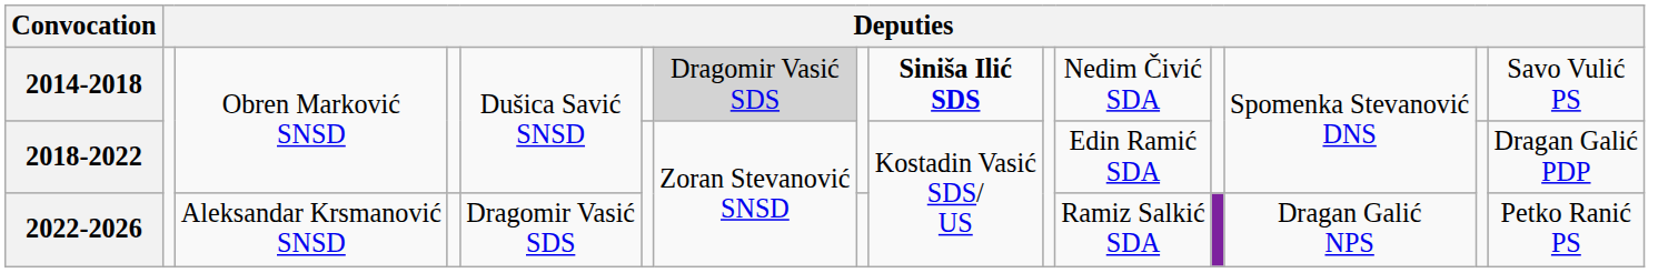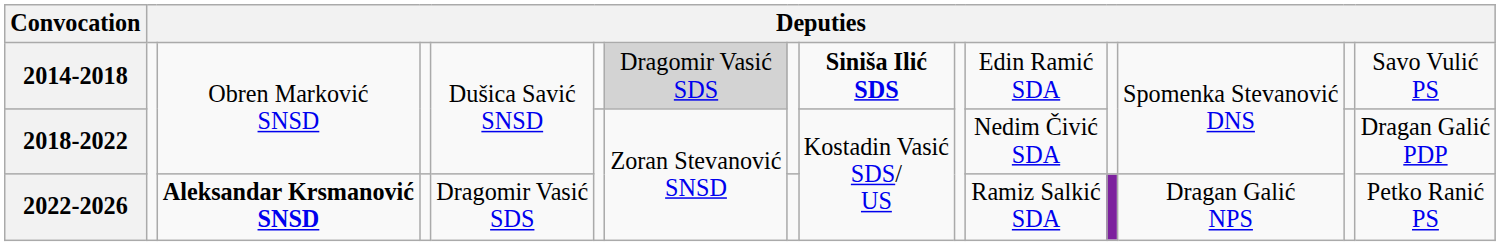 <table class="wikitable" style="text-align:center">
 <tr>
 <th>Convocation</th>
 <th colspan=14>Deputies</th>
 </tr>
 <tr>
 <th>2014-2018</th>
 <td rowspan=3; style="background-color: "></td>
 <td rowspan=2>Obren Marković<br><a href='#'>SNSD</a></td>
 <td rowspan=2; style="background-color: "></td>
 <td rowspan=2>Dušica Savić<br><a href='#'>SNSD</a></td>
 <td rowspan=1; style="background-color: "></td>
 <td style="background: lightgrey;">Dragomir Vasić<br><a href='#'>SDS</a></td>
 <td rowspan=2; style="background-color: "></td>
 <td><strong>Siniša Ilić<br><a href='#'>SDS</a></strong></td>
 <td rowspan=3; style="background-color: "></td>
-<td>Nedim Čivić<br><a href='#'>SDA</a></td>
+<td>Edin Ramić<br><a href='#'>SDA</a></td>
 <td rowspan=2; style="background-color: "></td>
 <td rowspan=2>Spomenka Stevanović<br><a href='#'>DNS</a></td>
 <td rowspan=1; style="background-color: "></td>
 <td>Savo Vulić<br><a href='#'>PS</a></td>
 </tr>
 <tr>
 <th>2018-2022</th>
 <td rowspan=2; style="background-color: "></td>
 <td rowspan=2>Zoran Stevanović<br><a href='#'>SNSD</a></td>
 <td rowspan=2>Kostadin Vasić<br><a href='#'>SDS</a>/<br><a href='#'>US</a></td>
-<td>Edin Ramić<br><a href='#'>SDA</a></td>
+<td>Nedim Čivić<br><a href='#'>SDA</a></td>
 <td rowspan=2; style="background-color: "></td>
 <td>Dragan Galić<br><a href='#'>PDP</a></td>
 </tr>
 <tr>
 <th>2022-2026</th>
-<td rowspan=1>Aleksandar Krsmanović<br><a href='#'>SNSD</a></td>
+<td rowspan=1><strong>Aleksandar Krsmanović<br><a href='#'>SNSD</a></strong></td>
 <td rowspan=1; style="background-color: "></td>
 <td>Dragomir Vasić<br><a href='#'>SDS</a></td>
 <td rowspan=1; style="background-color: "></td>
 <td rowspan=1>Ramiz Salkić<br><a href='#'>SDA</a></td>
 <td rowspan=1; style="background-color:   #7D219E"></td>
 <td rowspan=1>Dragan Galić<br><a href='#'>NPS</a></td>
 <td>Petko Ranić<br><a href='#'>PS</a></td>
 </tr>
 </table>
